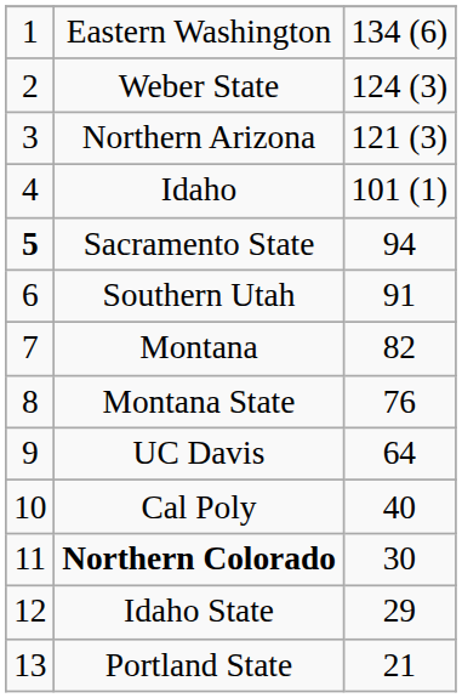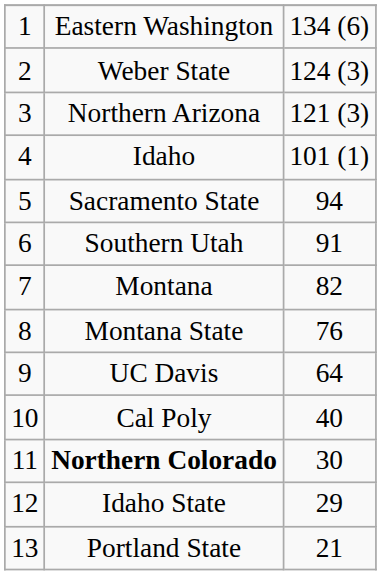 <table class="wikitable" style="display: inline-table;">
 <tr align="center">
 </tr>
 <tr align="center">
 <td>1</td>
 <td>Eastern Washington</td>
 <td>134 (6)</td>
 </tr>
 <tr align="center">
 <td>2</td>
 <td>Weber State</td>
 <td>124 (3)</td>
 </tr>
 <tr align="center">
 <td>3</td>
 <td>Northern Arizona</td>
 <td>121 (3)</td>
 </tr>
 <tr align="center">
 <td>4</td>
 <td>Idaho</td>
 <td>101 (1)</td>
 </tr>
 <tr align="center">
-<td><strong>5</strong></td>
+<td>5</td>
 <td>Sacramento State</td>
 <td>94</td>
 </tr>
 <tr align="center">
 <td>6</td>
 <td>Southern Utah</td>
 <td>91</td>
 </tr>
 <tr align="center">
 <td>7</td>
 <td>Montana</td>
 <td>82</td>
 </tr>
 <tr align="center">
 <td>8</td>
 <td>Montana State</td>
 <td>76</td>
 </tr>
 <tr align="center">
 <td>9</td>
 <td>UC Davis</td>
 <td>64</td>
 </tr>
 <tr align="center">
 <td>10</td>
 <td>Cal Poly</td>
 <td>40</td>
 </tr>
 <tr align="center">
 <td>11</td>
 <td><strong>Northern Colorado</strong></td>
 <td>30</td>
 </tr>
 <tr align="center">
 <td>12</td>
 <td>Idaho State</td>
 <td>29</td>
 </tr>
 <tr align="center">
 <td>13</td>
 <td>Portland State</td>
 <td>21</td>
 </tr>
 </table>
